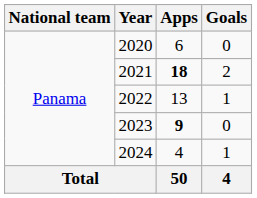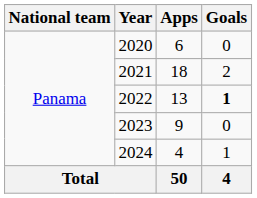 <table class=wikitable style=text-align:center>
 <tr>
 <th>National team</th>
 <th>Year</th>
 <th>Apps</th>
 <th>Goals</th>
 </tr>
 <tr>
 <td rowspan="5"><a href='#'>Panama</a></td>
 <td>2020</td>
 <td>6</td>
 <td>0</td>
 </tr>
 <tr>
 <td>2021</td>
-<td><strong>18</strong></td>
+<td>18</td>
 <td>2</td>
 </tr>
 <tr>
 <td>2022</td>
 <td>13</td>
-<td>1</td>
+<td><strong>1</strong></td>
 </tr>
 <tr>
 <td>2023</td>
-<td><strong>9</strong></td>
+<td>9</td>
 <td>0</td>
 </tr>
 <tr>
 <td>2024</td>
 <td>4</td>
 <td>1</td>
 </tr>
 <tr>
 <th colspan="2">Total</th>
 <th>50</th>
 <th>4</th>
 </tr>
 </table>
